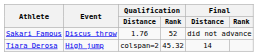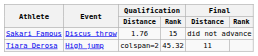 <table class="wikitable" style="font-size:90%; text-align:center">
 <tr>
 <th rowspan=2>Athlete</th>
 <th rowspan=2>Event</th>
 <th colspan=2>Qualification</th>
 <th colspan=2>Final</th>
 </tr>
 <tr style="font-size:95%">
 <th>Distance</th>
 <th>Rank</th>
 <th>Distance</th>
 <th>Rank</th>
 </tr>
 <tr>
 <td align=left><a href='#'>Sakari Famous</a></td>
 <td align=left rowspan=1><a href='#'>Discus throw</a></td>
 <td>1.76</td>
-<td>52</td>
+<td>15</td>
 <td colspan=2>did not advance</td>
 </tr>
 <tr>
 <td align=left><a href='#'>Tiara Derosa</a></td>
 <td align=left rowspan=1><a href='#'>High jump</a></td>
 <td>colspan=2 </td>
 <td>45.32</td>
-<td>14</td>
+<td>11</td>
 </tr>
 </table>
